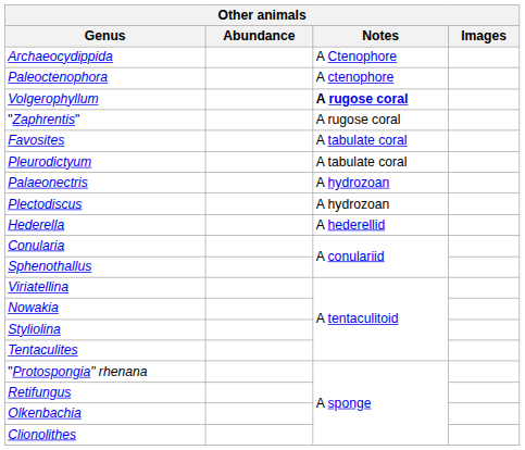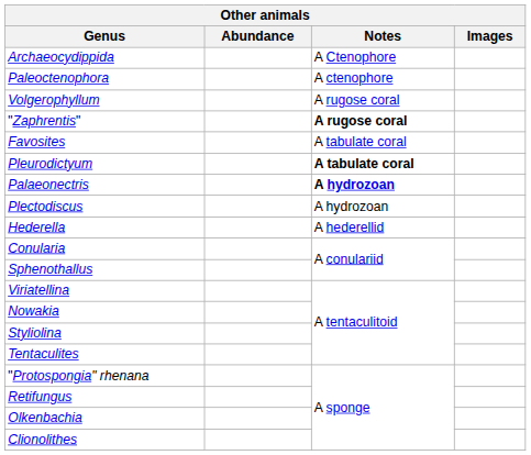 <table class="wikitable sortable" style="background:white; width:100%;">
 <tr>
 <th colspan="5" align="center">Other animals</th>
 </tr>
 <tr>
 <th>Genus</th>
 <th>Abundance</th>
 <th>Notes</th>
 <th>Images</th>
 </tr>
 <tr>
 <td><em><a href='#'>Archaeocydippida</a></em></td>
 <td></td>
 <td>A <a href='#'>Ctenophore</a></td>
 <td></td>
 </tr>
 <tr>
 <td><em><a href='#'>Paleoctenophora</a></em></td>
 <td></td>
 <td>A <a href='#'>ctenophore</a></td>
 <td></td>
 </tr>
 <tr>
 <td><em><a href='#'>Volgerophyllum</a></em></td>
 <td></td>
-<td><strong>A <a href='#'>rugose coral</a></strong></td>
+<td>A <a href='#'>rugose coral</a></td>
 <td></td>
 </tr>
 <tr>
 <td>"<em><a href='#'>Zaphrentis</a></em>"</td>
 <td></td>
-<td>A rugose coral</td>
+<td><strong>A rugose coral</strong></td>
 <td></td>
 </tr>
 <tr>
 <td><em><a href='#'>Favosites</a></em></td>
 <td></td>
 <td>A <a href='#'>tabulate coral</a></td>
 <td></td>
 </tr>
 <tr>
 <td><em><a href='#'>Pleurodictyum</a></em></td>
 <td></td>
-<td>A tabulate coral</td>
+<td><strong>A tabulate coral</strong></td>
 <td></td>
 </tr>
 <tr>
 <td><em><a href='#'>Palaeonectris</a></em></td>
 <td></td>
-<td>A <a href='#'>hydrozoan</a></td>
+<td><strong>A <a href='#'>hydrozoan</a></strong></td>
 <td></td>
 </tr>
 <tr>
 <td><em><a href='#'>Plectodiscus</a></em></td>
 <td></td>
 <td>A hydrozoan</td>
 <td></td>
 </tr>
 <tr>
 <td><em><a href='#'>Hederella</a></em></td>
 <td></td>
 <td>A <a href='#'>hederellid</a></td>
 <td></td>
 </tr>
 <tr>
 <td><em><a href='#'>Conularia</a></em></td>
 <td></td>
 <td rowspan="2">A <a href='#'>conulariid</a></td>
 <td></td>
 </tr>
 <tr>
 <td><em><a href='#'>Sphenothallus</a></em></td>
 <td></td>
 <td></td>
 </tr>
 <tr>
 <td><em><a href='#'>Viriatellina</a></em></td>
 <td></td>
 <td rowspan="4">A <a href='#'>tentaculitoid</a></td>
 <td></td>
 </tr>
 <tr>
 <td><em><a href='#'>Nowakia</a></em></td>
 <td></td>
 <td></td>
 </tr>
 <tr>
 <td><em><a href='#'>Styliolina</a></em></td>
 <td></td>
 <td></td>
 </tr>
 <tr>
 <td><em><a href='#'>Tentaculites</a></em></td>
 <td></td>
 <td></td>
 </tr>
 <tr>
 <td>"<em><a href='#'>Protospongia</a>" rhenana</em></td>
 <td></td>
 <td rowspan="4">A <a href='#'>sponge</a></td>
 <td></td>
 </tr>
 <tr>
 <td><em><a href='#'>Retifungus</a></em></td>
 <td></td>
 <td></td>
 </tr>
 <tr>
 <td><em><a href='#'>Olkenbachia</a></em></td>
 <td></td>
 <td></td>
 </tr>
 <tr>
 <td><em><a href='#'>Clionolithes</a></em></td>
 <td></td>
 <td></td>
 </tr>
 </table>
